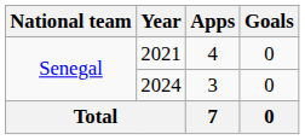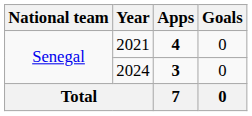 <table class=wikitable style=text-align:center>
 <tr>
 <th>National team</th>
 <th>Year</th>
 <th>Apps</th>
 <th>Goals</th>
 </tr>
 <tr>
 <td rowspan="2"><a href='#'>Senegal</a></td>
 <td>2021</td>
-<td>4</td>
+<td><strong>4</strong></td>
 <td>0</td>
 </tr>
 <tr>
 <td>2024</td>
-<td>3</td>
+<td><strong>3</strong></td>
 <td>0</td>
 </tr>
 <tr>
 <th colspan=2>Total</th>
 <th>7</th>
 <th>0</th>
 </tr>
 </table>
